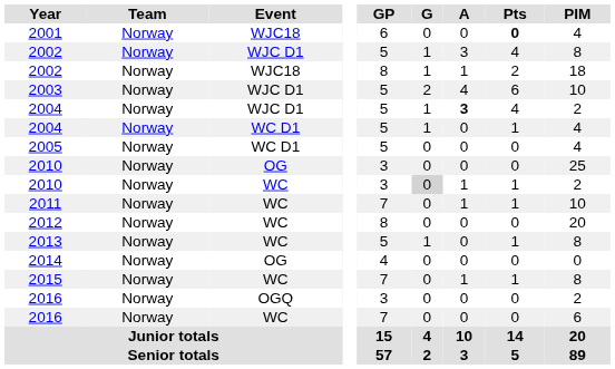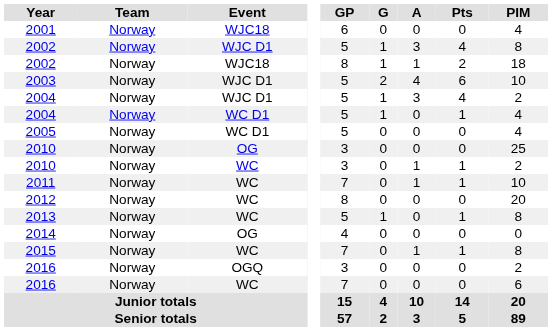 <table border="0" cellpadding="1" cellspacing="0" style="text-align:center; width:40em">
 <tr ALIGN="center" bgcolor="#e0e0e0">
 <th>Year</th>
 <th>Team</th>
 <th>Event</th>
 <th ALIGN="center" rowspan="99" bgcolor="#ffffff"> </th>
 <th>GP</th>
 <th>G</th>
 <th>A</th>
 <th>Pts</th>
 <th>PIM</th>
 </tr>
 <tr>
 <td><a href='#'>2001</a></td>
 <td><a href='#'>Norway</a></td>
 <td><a href='#'>WJC18</a></td>
 <td>6</td>
 <td>0</td>
 <td>0</td>
-<td><strong>0</strong></td>
+<td>0</td>
 <td>4</td>
 </tr>
 <tr bgcolor="#f0f0f0">
 <td><a href='#'>2002</a></td>
 <td><a href='#'>Norway</a></td>
 <td><a href='#'>WJC D1</a></td>
 <td>5</td>
 <td>1</td>
 <td>3</td>
 <td>4</td>
 <td>8</td>
 </tr>
 <tr>
 <td><a href='#'>2002</a></td>
 <td>Norway</td>
 <td>WJC18</td>
 <td>8</td>
 <td>1</td>
 <td>1</td>
 <td>2</td>
 <td>18</td>
 </tr>
 <tr bgcolor="#f0f0f0">
 <td><a href='#'>2003</a></td>
 <td>Norway</td>
 <td>WJC D1</td>
 <td>5</td>
 <td>2</td>
 <td>4</td>
 <td>6</td>
 <td>10</td>
 </tr>
 <tr>
 <td><a href='#'>2004</a></td>
 <td>Norway</td>
 <td>WJC D1</td>
 <td>5</td>
 <td>1</td>
-<td><strong>3</strong></td>
+<td>3</td>
 <td>4</td>
 <td>2</td>
 </tr>
 <tr bgcolor="#f0f0f0">
 <td><a href='#'>2004</a></td>
 <td><a href='#'>Norway</a></td>
 <td><a href='#'>WC D1</a></td>
 <td>5</td>
 <td>1</td>
 <td>0</td>
 <td>1</td>
 <td>4</td>
 </tr>
 <tr>
 <td><a href='#'>2005</a></td>
 <td>Norway</td>
 <td>WC D1</td>
 <td>5</td>
 <td>0</td>
 <td>0</td>
 <td>0</td>
 <td>4</td>
 </tr>
 <tr bgcolor="#f0f0f0">
 <td><a href='#'>2010</a></td>
 <td>Norway</td>
 <td><a href='#'>OG</a></td>
 <td>3</td>
 <td>0</td>
 <td>0</td>
 <td>0</td>
 <td>25</td>
 </tr>
 <tr>
 <td><a href='#'>2010</a></td>
 <td>Norway</td>
 <td><a href='#'>WC</a></td>
 <td>3</td>
-<td style="background: lightgrey;">0</td>
+<td>0</td>
 <td>1</td>
 <td>1</td>
 <td>2</td>
 </tr>
 <tr bgcolor="#f0f0f0">
 <td><a href='#'>2011</a></td>
 <td>Norway</td>
 <td>WC</td>
 <td>7</td>
 <td>0</td>
 <td>1</td>
 <td>1</td>
 <td>10</td>
 </tr>
 <tr>
 <td><a href='#'>2012</a></td>
 <td>Norway</td>
 <td>WC</td>
 <td>8</td>
 <td>0</td>
 <td>0</td>
 <td>0</td>
 <td>20</td>
 </tr>
 <tr bgcolor="#f0f0f0">
 <td><a href='#'>2013</a></td>
 <td>Norway</td>
 <td>WC</td>
 <td>5</td>
 <td>1</td>
 <td>0</td>
 <td>1</td>
 <td>8</td>
 </tr>
 <tr>
 <td><a href='#'>2014</a></td>
 <td>Norway</td>
 <td>OG</td>
 <td>4</td>
 <td>0</td>
 <td>0</td>
 <td>0</td>
 <td>0</td>
 </tr>
 <tr bgcolor="#f0f0f0">
 <td><a href='#'>2015</a></td>
 <td>Norway</td>
 <td>WC</td>
 <td>7</td>
 <td>0</td>
 <td>1</td>
 <td>1</td>
 <td>8</td>
 </tr>
 <tr>
 <td><a href='#'>2016</a></td>
 <td>Norway</td>
 <td>OGQ</td>
 <td>3</td>
 <td>0</td>
 <td>0</td>
 <td>0</td>
 <td>2</td>
 </tr>
 <tr bgcolor="#f0f0f0">
 <td><a href='#'>2016</a></td>
 <td>Norway</td>
 <td>WC</td>
 <td>7</td>
 <td>0</td>
 <td>0</td>
 <td>0</td>
 <td>6</td>
 </tr>
 <tr bgcolor="#e0e0e0">
 <th colspan=3>Junior totals</th>
 <th>15</th>
 <th>4</th>
 <th>10</th>
 <th>14</th>
 <th>20</th>
 </tr>
 <tr bgcolor="#e0e0e0">
 <th colspan=3>Senior totals</th>
 <th>57</th>
 <th>2</th>
 <th>3</th>
 <th>5</th>
 <th>89</th>
 </tr>
 </table>
